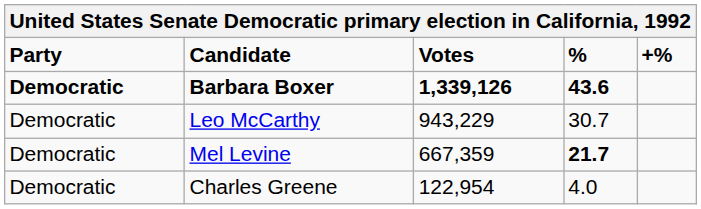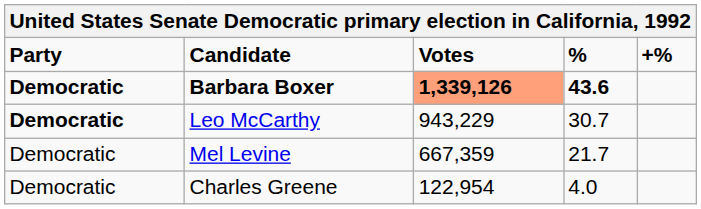 <table class="wikitable">
 <tr>
 <th colspan="5">United States Senate Democratic primary election in California, 1992</th>
 </tr>
 <tr>
 <td><strong>Party</strong></td>
 <td><strong>Candidate</strong></td>
 <td><strong>Votes</strong></td>
 <td><strong>%</strong></td>
 <td><strong>+%</strong></td>
 </tr>
 <tr>
 <td><strong>Democratic</strong></td>
 <td><strong>Barbara Boxer</strong></td>
-<td><strong>1,339,126</strong></td>
+<td style="background: lightsalmon;"><strong>1,339,126</strong></td>
 <td><strong>43.6</strong></td>
 <td></td>
 </tr>
 <tr>
-<td>Democratic</td>
+<td><strong>Democratic</strong></td>
 <td><a href='#'>Leo McCarthy</a></td>
 <td>943,229</td>
 <td>30.7</td>
 <td></td>
 </tr>
 <tr>
 <td>Democratic</td>
 <td><a href='#'>Mel Levine</a></td>
 <td>667,359</td>
-<td><strong>21.7</strong></td>
+<td>21.7</td>
 <td></td>
 </tr>
 <tr>
 <td>Democratic</td>
 <td>Charles Greene</td>
 <td>122,954</td>
 <td>4.0</td>
 <td></td>
 </tr>
 </table>
